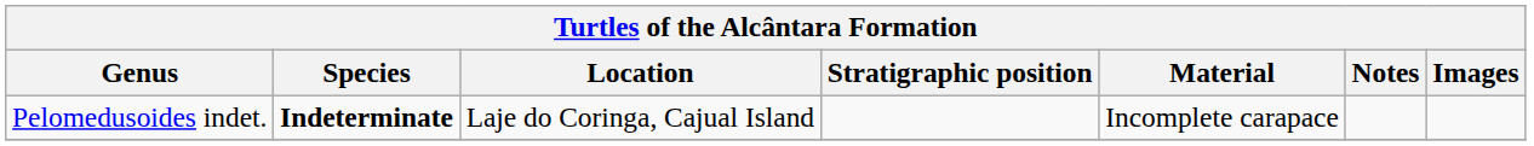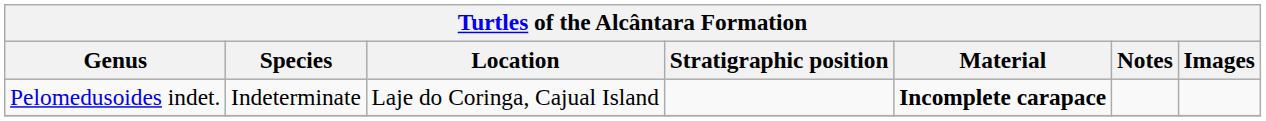 <table class="wikitable" align="center">
 <tr>
 <th colspan="7" align="center"><a href='#'>Turtles</a> of the Alcântara Formation</th>
 </tr>
 <tr>
 <th>Genus</th>
 <th>Species</th>
 <th>Location</th>
 <th>Stratigraphic position</th>
 <th>Material</th>
 <th>Notes</th>
 <th>Images</th>
 </tr>
 <tr>
 <td><a href='#'>Pelomedusoides</a> indet.</td>
-<td><strong>Indeterminate</strong></td>
+<td>Indeterminate</td>
 <td>Laje do Coringa, Cajual Island</td>
 <td></td>
-<td>Incomplete carapace</td>
+<td><strong>Incomplete carapace</strong></td>
 <td></td>
 <td></td>
 </tr>
 <tr>
 </tr>
 </table>
